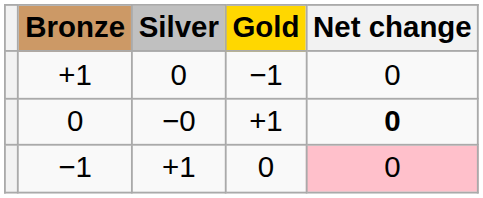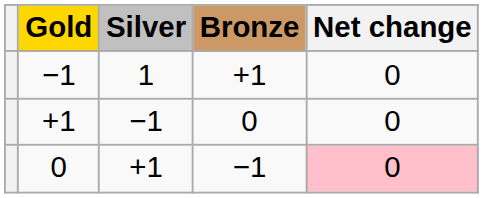 <table class="wikitable plainrowheaders sortable" style="text-align:center">
 <tr>
 <th scope="col"></th>
+<th scope="col" style="background-color:gold">Gold</th>
+<th scope="col" style="background-color:silver">Silver</th>
 <th scope="col" style="background-color:#c96">Bronze</th>
-<th scope="col" style="background-color:silver">Silver</th>
-<th scope="col" style="background-color:gold">Gold</th>
 <th scope="col">Net change</th>
 </tr>
 <tr>
 <th scope="row" style="text-align:left"></th>
+<td>−1</td>
+<td>1</td>
 <td>+1</td>
 <td>0</td>
+</tr>
+<tr>
+<th scope="row" style="text-align:left"></th>
+<td>+1</td>
 <td>−1</td>
+<td>0</td>
 <td>0</td>
 </tr>
 <tr>
 <th scope="row" style="text-align:left"></th>
 <td>0</td>
-<td>−0</td>
 <td>+1</td>
-<td><strong>0</strong></td>
-</tr>
-<tr>
-<th scope="row" style="text-align:left"></th>
 <td>−1</td>
-<td>+1</td>
-<td>0</td>
 <td style="background: pink;">0</td>
 </tr>
 </table>
